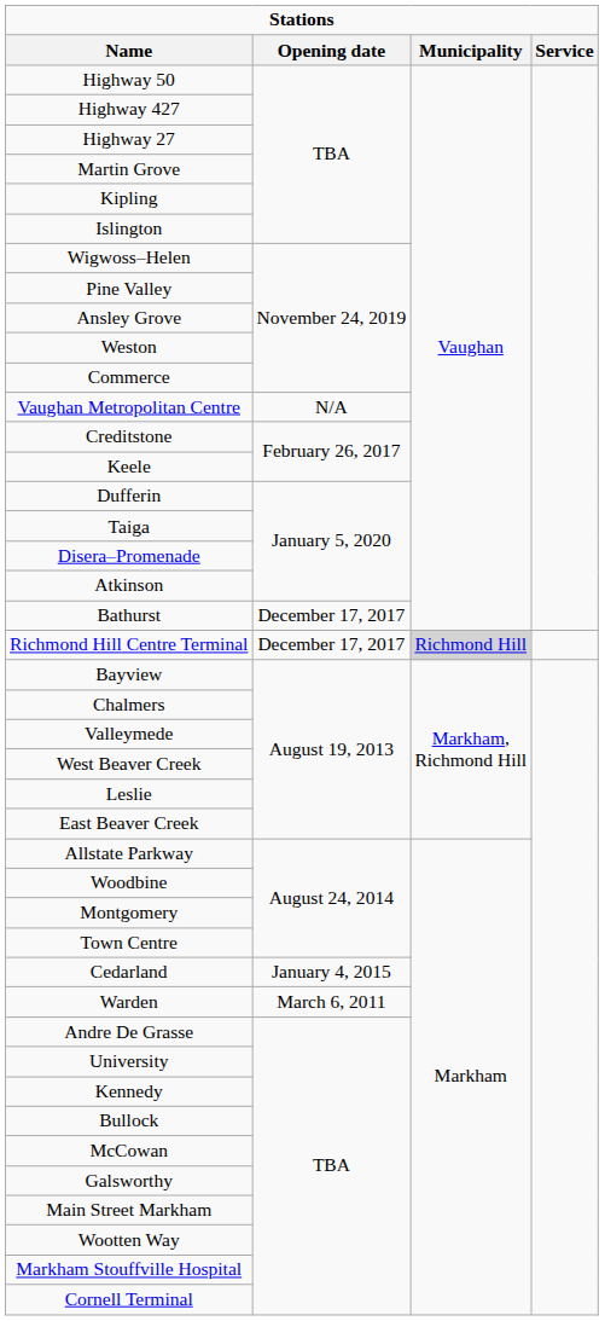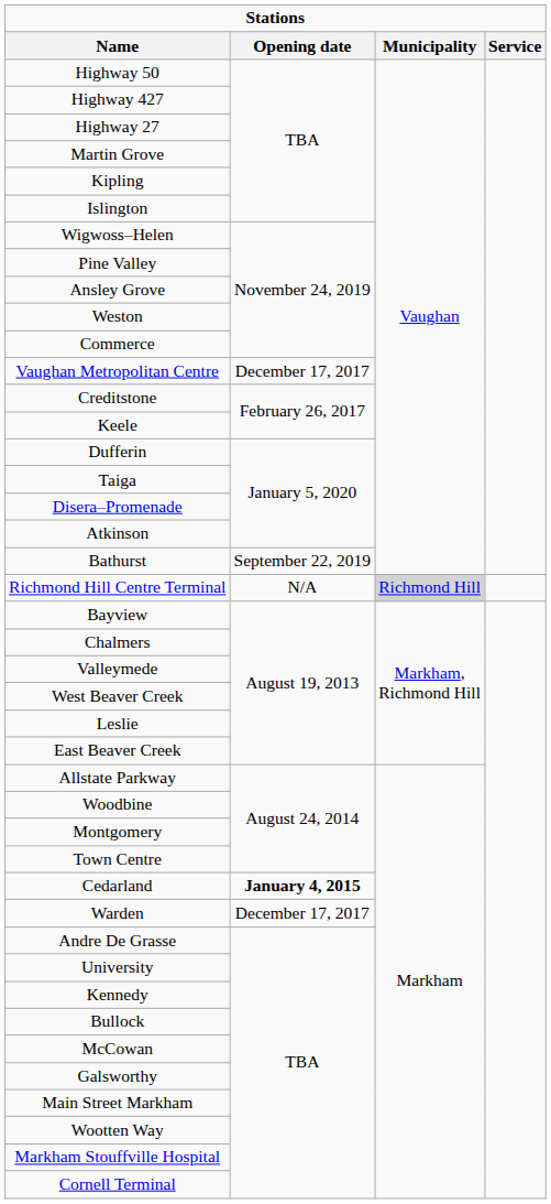 <table class="wikitable" style="text-align:center">
 <tr>
 <td colspan="4"><strong>Stations</strong></td>
 </tr>
 <tr>
 <th>Name</th>
 <th>Opening date</th>
 <th>Municipality</th>
 <th>Service</th>
 </tr>
 <tr>
 <td>Highway 50</td>
 <td rowspan="6">TBA</td>
 <td rowspan="19"><a href='#'>Vaughan</a></td>
 <td rowspan="19"></td>
 </tr>
 <tr>
 <td>Highway 427</td>
 </tr>
 <tr>
 <td>Highway 27</td>
 </tr>
 <tr>
 <td>Martin Grove</td>
 </tr>
 <tr>
 <td>Kipling</td>
 </tr>
 <tr>
 <td>Islington</td>
 </tr>
 <tr>
 <td>Wigwoss–Helen</td>
 <td rowspan="5">November 24, 2019</td>
 </tr>
 <tr>
 <td>Pine Valley</td>
 </tr>
 <tr>
 <td>Ansley Grove</td>
 </tr>
 <tr>
 <td>Weston</td>
 </tr>
 <tr>
 <td>Commerce</td>
 </tr>
 <tr>
 <td><a href='#'>Vaughan Metropolitan Centre</a></td>
-<td>N/A</td>
+<td>December 17, 2017</td>
 </tr>
 <tr>
 <td>Creditstone</td>
 <td rowspan="2">February 26, 2017</td>
 </tr>
 <tr>
 <td>Keele</td>
 </tr>
 <tr>
 <td>Dufferin</td>
 <td rowspan="4">January 5, 2020</td>
 </tr>
 <tr>
 <td>Taiga</td>
 </tr>
 <tr>
 <td><a href='#'>Disera–Promenade</a></td>
 </tr>
 <tr>
 <td>Atkinson</td>
 </tr>
 <tr>
 <td>Bathurst</td>
-<td>December 17, 2017</td>
+<td>September 22, 2019</td>
 </tr>
 <tr>
 <td><a href='#'>Richmond Hill Centre Terminal</a></td>
-<td>December 17, 2017</td>
+<td>N/A</td>
 <td style="background: lightgrey;"><a href='#'>Richmond Hill</a></td>
 <td> </td>
 </tr>
 <tr>
 <td>Bayview</td>
 <td rowspan="6">August 19, 2013</td>
 <td rowspan="6"><a href='#'>Markham</a>,<br>Richmond Hill</td>
 <td rowspan="22"></td>
 </tr>
 <tr>
 <td>Chalmers</td>
 </tr>
 <tr>
 <td>Valleymede</td>
 </tr>
 <tr>
 <td>West Beaver Creek</td>
 </tr>
 <tr>
 <td>Leslie</td>
 </tr>
 <tr>
 <td>East Beaver Creek</td>
 </tr>
 <tr>
 <td>Allstate Parkway</td>
 <td rowspan="4">August 24, 2014</td>
 <td rowspan="16">Markham</td>
 </tr>
 <tr>
 <td>Woodbine</td>
 </tr>
 <tr>
 <td>Montgomery</td>
 </tr>
 <tr>
 <td>Town Centre</td>
 </tr>
 <tr>
 <td>Cedarland</td>
-<td>January 4, 2015</td>
+<td><strong>January 4, 2015</strong></td>
 </tr>
 <tr>
 <td>Warden</td>
-<td>March 6, 2011</td>
+<td>December 17, 2017</td>
 </tr>
 <tr>
 <td>Andre De Grasse</td>
 <td rowspan="10">TBA</td>
 </tr>
 <tr>
 <td>University</td>
 </tr>
 <tr>
 <td>Kennedy</td>
 </tr>
 <tr>
 <td>Bullock</td>
 </tr>
 <tr>
 <td>McCowan</td>
 </tr>
 <tr>
 <td>Galsworthy</td>
 </tr>
 <tr>
 <td>Main Street Markham</td>
 </tr>
 <tr>
 <td>Wootten Way</td>
 </tr>
 <tr>
 <td><a href='#'>Markham Stouffville Hospital</a></td>
 </tr>
 <tr>
 <td><a href='#'>Cornell Terminal</a></td>
 </tr>
 </table>
